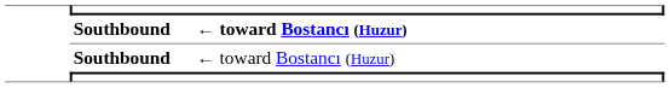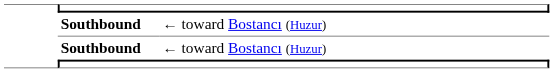 <table cellspacing=0 cellpadding=3>
 <tr>
 <td style="border-top:solid 1px gray;border-bottom:solid 1px gray;vertical-align:top;" width=50 rowspan=4></td>
 <td style="border-top:solid 1px gray;border-right:solid 2px black;border-left:solid 2px black;border-bottom:solid 2px black;text-align:center;" colspan=2></td>
 </tr>
 <tr>
 <td style="border-bottom:solid 1px gray;" width=100><strong>Southbound</strong></td>
-<td style="border-bottom:solid 1px gray;" width=400><strong>←  toward <a href='#'>Bostancı</a> <small>(<a href='#'>Huzur</a>)</small></strong></td>
+<td style="border-bottom:solid 1px gray;" width=400>←  toward <a href='#'>Bostancı</a> <small>(<a href='#'>Huzur</a>)</small></td>
 </tr>
 <tr>
 <td><strong>Southbound</strong></td>
 <td>←  toward <a href='#'>Bostancı</a> <small>(<a href='#'>Huzur</a>)</small></td>
 </tr>
 <tr>
 <td style="border-bottom:solid 1px gray;border-top:solid 2px black;border-right:solid 2px black;border-left:solid 2px black;text-align:center;" colspan=2></td>
 </tr>
 </table>
